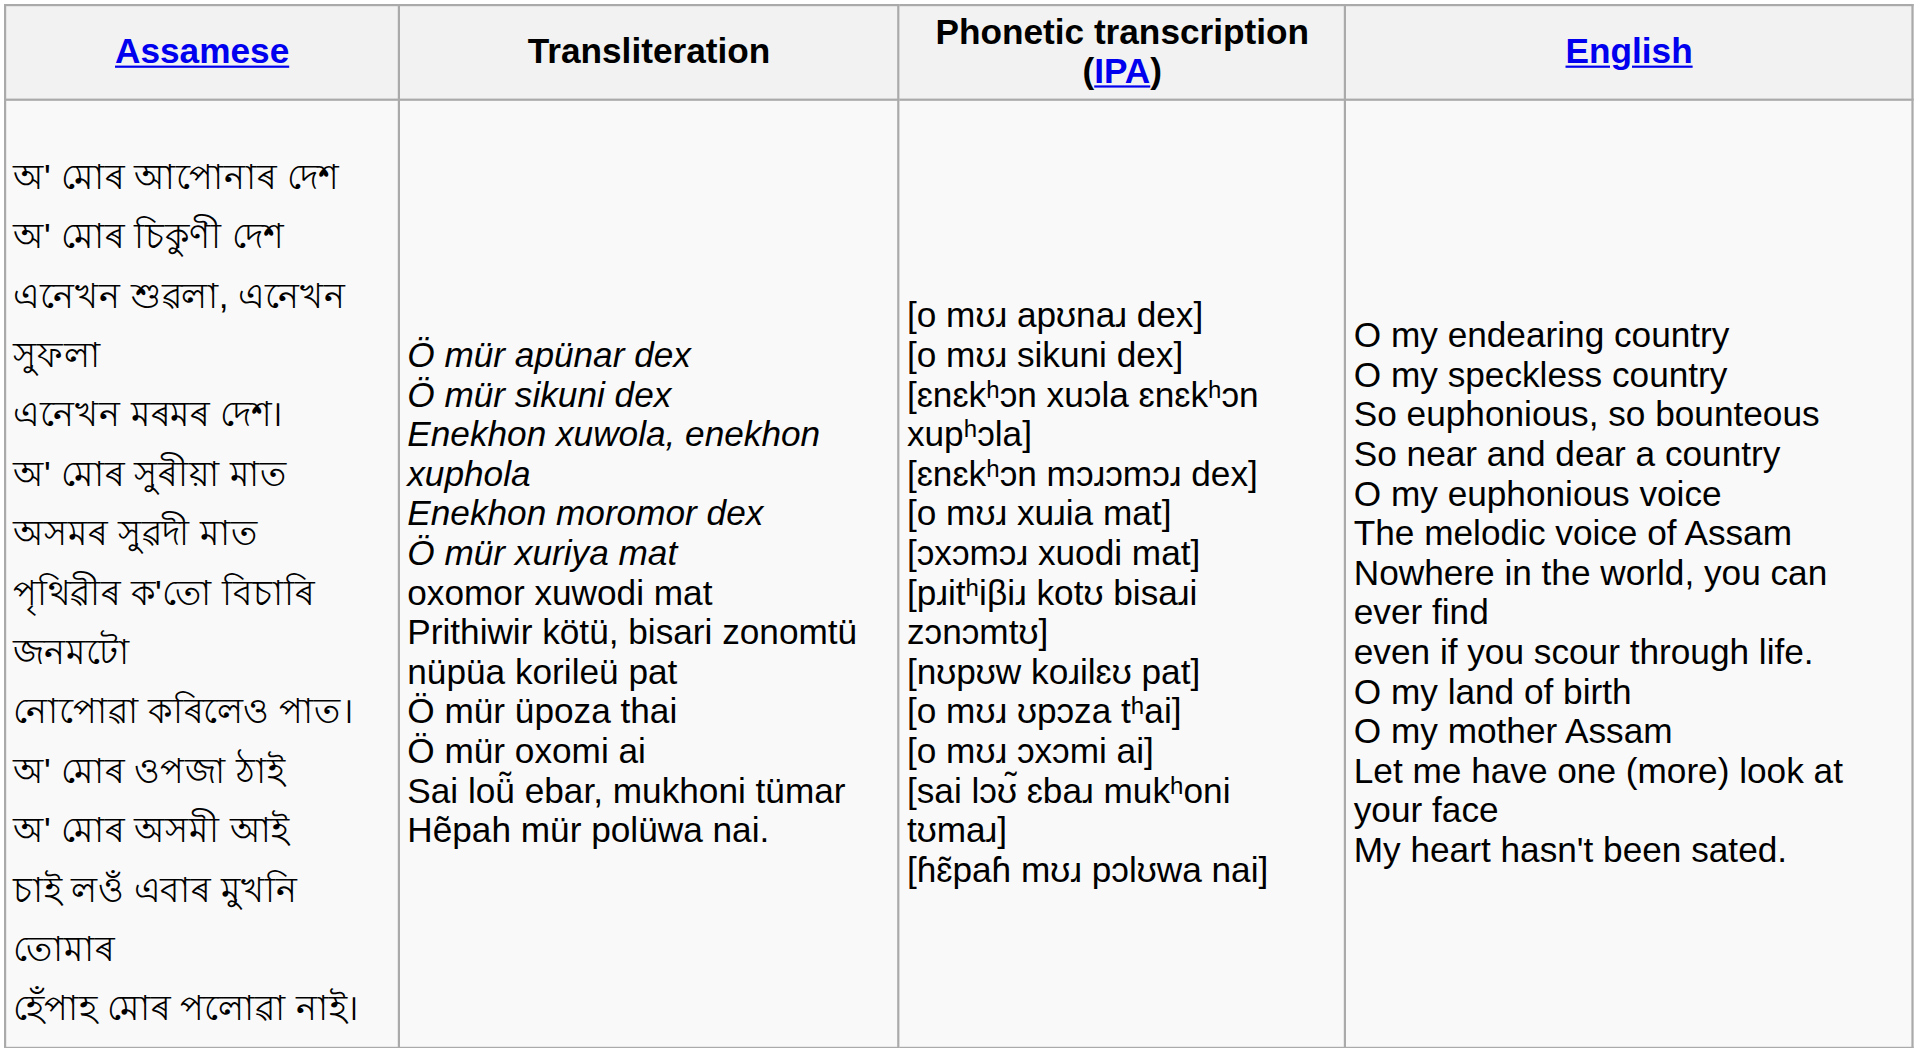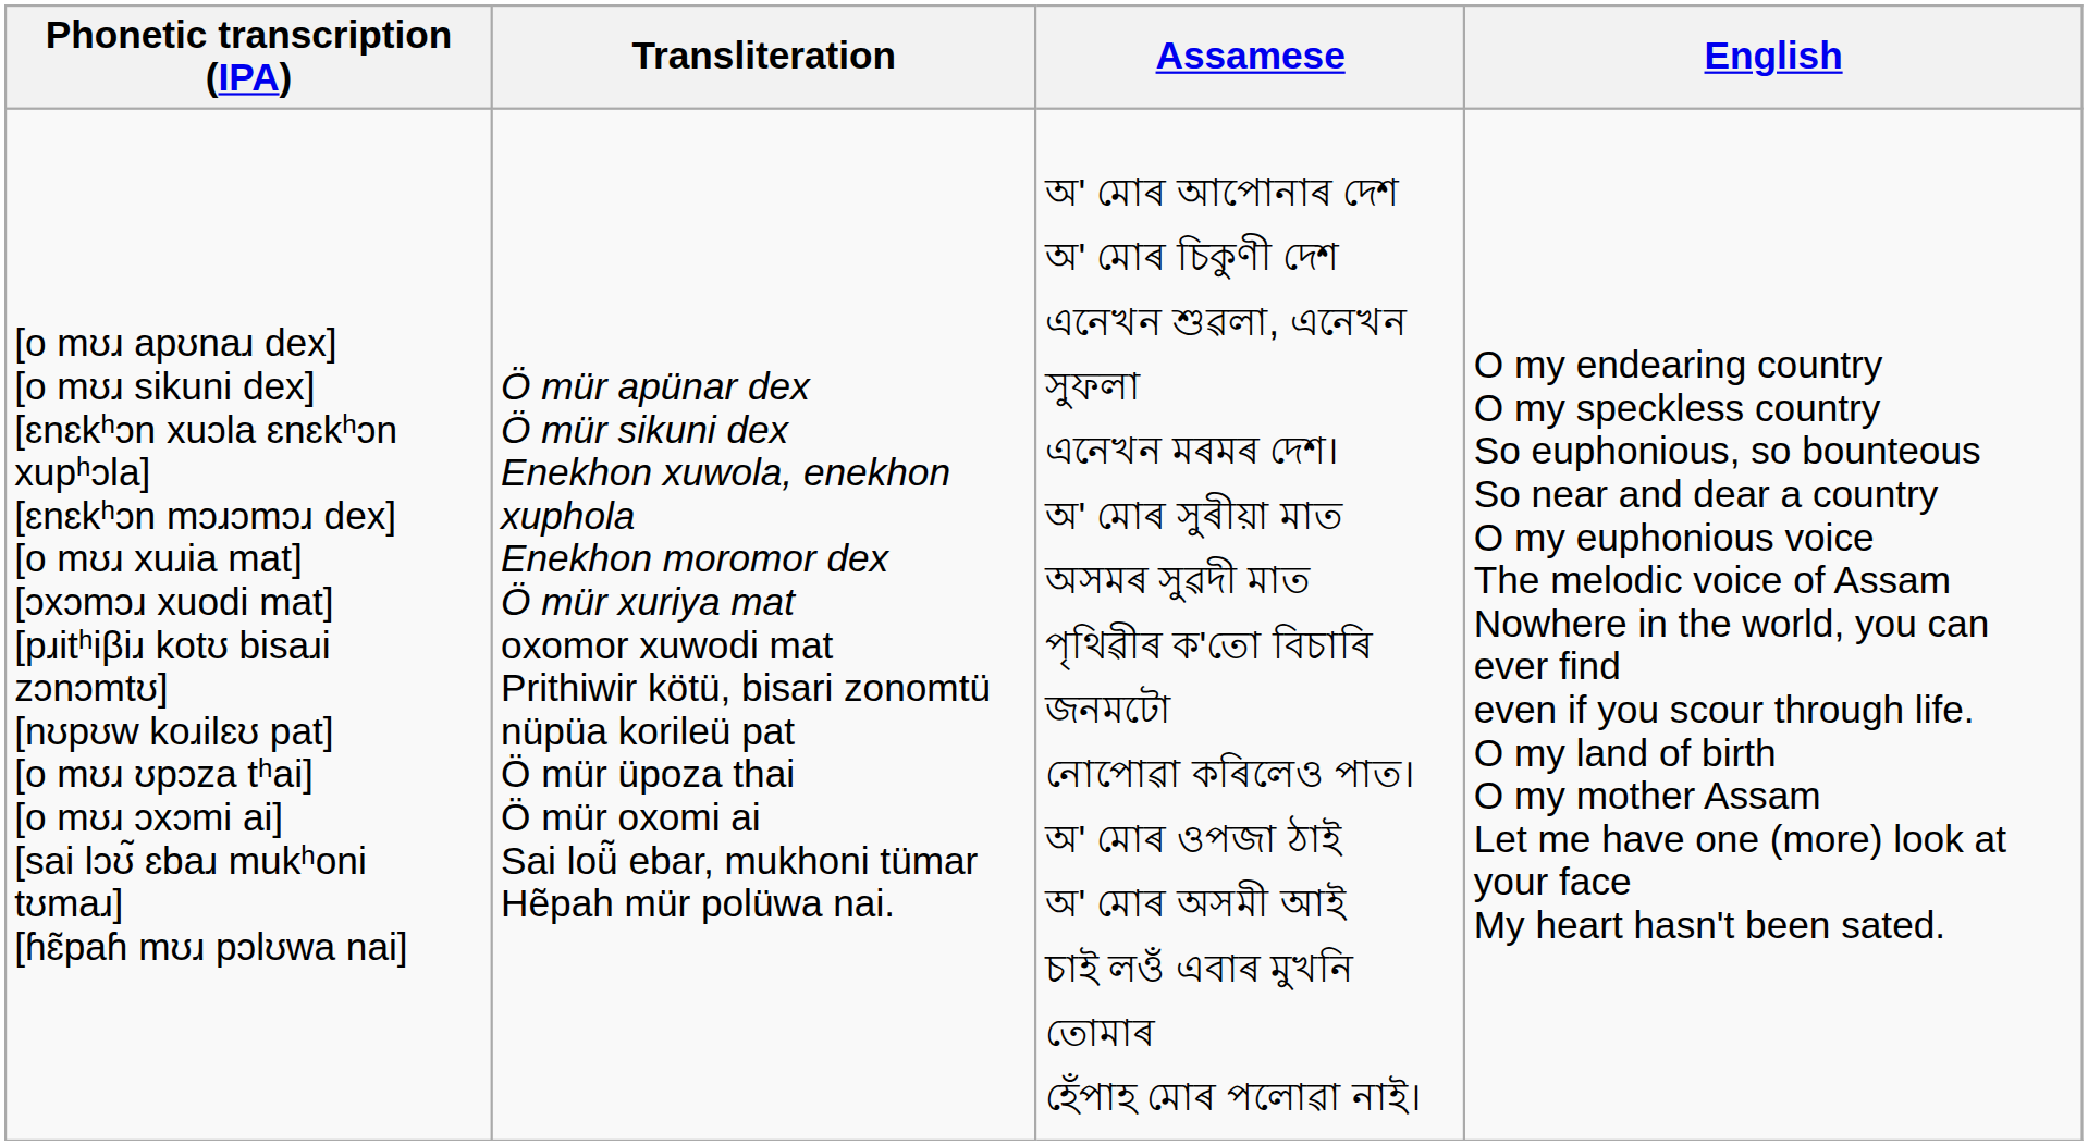 <table class="wikitable">
 <tr>
+<th>Phonetic transcription (<a href='#'>IPA</a>)</th>
+<th>Transliteration</th>
 <th><a href='#'>Assamese</a></th>
-<th>Transliteration</th>
-<th>Phonetic transcription (<a href='#'>IPA</a>)</th>
 <th><a href='#'>English</a></th>
 </tr>
 <tr>
+<td><br>[o mʊɹ apʊnaɹ dex]<br> [o mʊɹ sikuni dex]<br> [ɛnɛkʰɔn xuɔla ɛnɛkʰɔn xupʰɔla]<br> [ɛnɛkʰɔn mɔɹɔmɔɹ dex]<br>[o mʊɹ xuɹia mat]<br> [ɔxɔmɔɹ xuodi mat]<br> [pɹitʰiβiɹ kotʊ bisaɹi zɔnɔmtʊ]<br> [nʊpʊw koɹilɛʊ pat]<br>[o mʊɹ ʊpɔza tʰai]<br> [o mʊɹ ɔxɔmi ai]<br> [sai lɔʊ̃ ɛbaɹ mukʰoni tʊmaɹ]<br> [ɦɛ̃paɦ mʊɹ pɔlʊwa nai]</td>
+<td><br><em>Ö mür apünar dex</em><br> <em>Ö mür sikuni dex</em><br> <em>Enekhon xuwola, enekhon xuphola</em> <br> <em>Enekhon moromor dex</em><br><em>Ö mür xuriya mat</em> <br> oxomor xuwodi mat<em> <br> </em>Prithiwir kötü, bisari zonomtü<em> <br> </em>nüpüa korileü pat<em><br></em>Ö mür üpoza thai<em> <br> </em>Ö mür oxomi ai<em> <br> </em>Sai loü̃ ebar, mukhoni tümar<em> <br> </em>Hẽpah mür polüwa nai.<em></td>
 <td><br>অ' মোৰ আপোনাৰ দেশ <br> অ' মোৰ চিকুণী দেশ <br> এনেখন শুৱলা, এনেখন সুফলা <br> এনেখন মৰমৰ দেশ।<br>অ' মোৰ সুৰীয়া মাত <br> অসমৰ সুৱদী মাত <br> পৃথিৱীৰ ক'তো বিচাৰি জনমটো<br> নোপোৱা কৰিলেও পাত।<br>অ' মোৰ ওপজা ঠাই <br> অ' মোৰ অসমী আই <br> চাই লওঁ এবাৰ মুখনি তোমাৰ <br> হেঁপাহ মোৰ পলোৱা নাই।</td>
-<td><br><em>Ö mür apünar dex</em><br> <em>Ö mür sikuni dex</em><br> <em>Enekhon xuwola, enekhon xuphola</em> <br> <em>Enekhon moromor dex</em><br><em>Ö mür xuriya mat</em> <br> oxomor xuwodi mat<em> <br> </em>Prithiwir kötü, bisari zonomtü<em> <br> </em>nüpüa korileü pat<em><br></em>Ö mür üpoza thai<em> <br> </em>Ö mür oxomi ai<em> <br> </em>Sai loü̃ ebar, mukhoni tümar<em> <br> </em>Hẽpah mür polüwa nai.<em></td>
-<td><br>[o mʊɹ apʊnaɹ dex]<br> [o mʊɹ sikuni dex]<br> [ɛnɛkʰɔn xuɔla ɛnɛkʰɔn xupʰɔla]<br> [ɛnɛkʰɔn mɔɹɔmɔɹ dex]<br>[o mʊɹ xuɹia mat]<br> [ɔxɔmɔɹ xuodi mat]<br> [pɹitʰiβiɹ kotʊ bisaɹi zɔnɔmtʊ]<br> [nʊpʊw koɹilɛʊ pat]<br>[o mʊɹ ʊpɔza tʰai]<br> [o mʊɹ ɔxɔmi ai]<br> [sai lɔʊ̃ ɛbaɹ mukʰoni tʊmaɹ]<br> [ɦɛ̃paɦ mʊɹ pɔlʊwa nai]</td>
 <td><br>O my endearing country<br> O my speckless country<br> So euphonious, so bounteous<br> So near and dear a country<br>O my euphonious voice<br> The melodic voice of Assam <br> Nowhere in the world, you can ever find<br> even if you scour through life.<br>O my land of birth<br> O my mother Assam<br> Let me have one (more) look at your face<br> My heart hasn't been sated.</td>
 </tr>
 </table>
